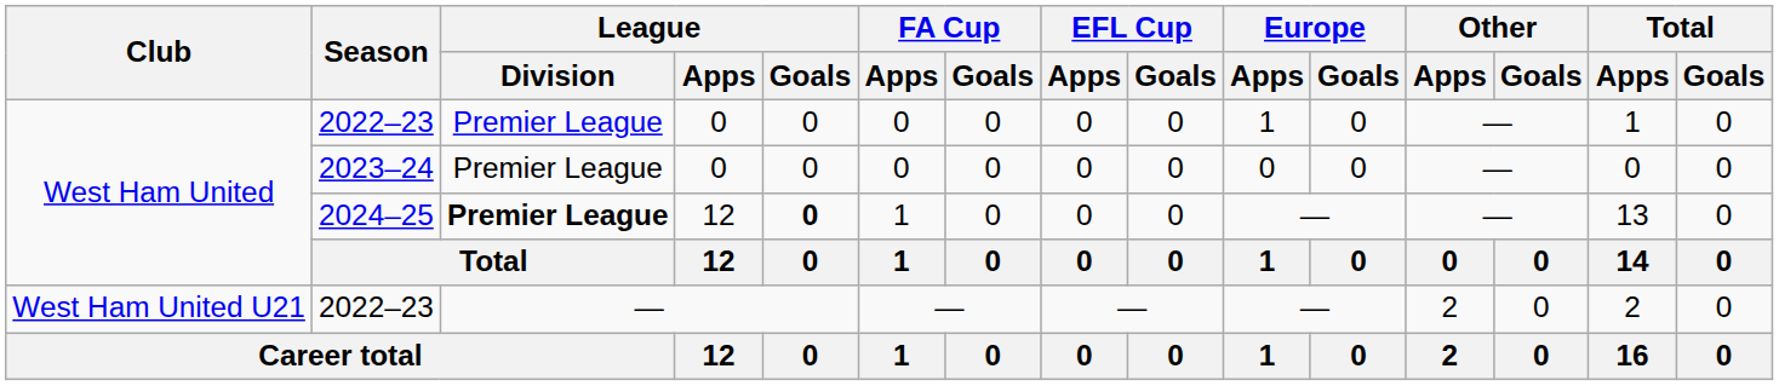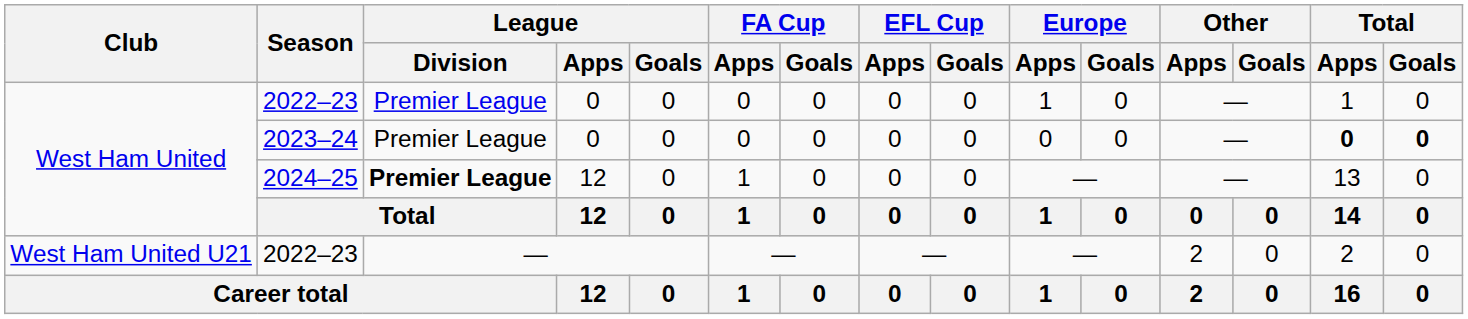 <table class=wikitable style=text-align:center>
 <tr>
 <th rowspan=2>Club</th>
 <th rowspan=2>Season</th>
 <th colspan=3>League</th>
 <th colspan=2><a href='#'>FA Cup</a></th>
 <th colspan=2><a href='#'>EFL Cup</a></th>
 <th colspan=2><a href='#'>Europe</a></th>
 <th colspan=2>Other</th>
 <th colspan=2>Total</th>
 </tr>
 <tr>
 <th>Division</th>
 <th>Apps</th>
 <th>Goals</th>
 <th>Apps</th>
 <th>Goals</th>
 <th>Apps</th>
 <th>Goals</th>
 <th>Apps</th>
 <th>Goals</th>
 <th>Apps</th>
 <th>Goals</th>
 <th>Apps</th>
 <th>Goals</th>
 </tr>
 <tr>
 <td rowspan=4><a href='#'>West Ham United</a></td>
 <td><a href='#'>2022–23</a></td>
 <td><a href='#'>Premier League</a></td>
 <td>0</td>
 <td>0</td>
 <td>0</td>
 <td>0</td>
 <td>0</td>
 <td>0</td>
 <td>1</td>
 <td>0</td>
 <td colspan=2>—</td>
 <td>1</td>
 <td>0</td>
 </tr>
 <tr>
 <td><a href='#'>2023–24</a></td>
 <td>Premier League</td>
 <td>0</td>
 <td>0</td>
 <td>0</td>
 <td>0</td>
 <td>0</td>
 <td>0</td>
 <td>0</td>
 <td>0</td>
 <td colspan=2>—</td>
-<td>0</td>
-<td>0</td>
+<td><strong>0</strong></td>
+<td><strong>0</strong></td>
 </tr>
 <tr>
 <td><a href='#'>2024–25</a></td>
 <td><strong>Premier League</strong></td>
 <td>12</td>
-<td><strong>0</strong></td>
+<td>0</td>
 <td>1</td>
 <td>0</td>
 <td>0</td>
 <td>0</td>
 <td colspan=2>—</td>
 <td colspan=2>—</td>
 <td>13</td>
 <td>0</td>
 </tr>
 <tr>
 <th colspan=2>Total</th>
 <th>12</th>
 <th>0</th>
 <th>1</th>
 <th>0</th>
 <th>0</th>
 <th>0</th>
 <th>1</th>
 <th>0</th>
 <th>0</th>
 <th>0</th>
 <th>14</th>
 <th>0</th>
 </tr>
 <tr>
 <td><a href='#'>West Ham United U21</a></td>
 <td>2022–23</td>
 <td colspan=3>—</td>
 <td colspan=2>—</td>
 <td colspan=2>—</td>
 <td colspan=2>—</td>
 <td>2</td>
 <td>0</td>
 <td>2</td>
 <td>0</td>
 </tr>
 <tr>
 <th colspan=3>Career total</th>
 <th>12</th>
 <th>0</th>
 <th>1</th>
 <th>0</th>
 <th>0</th>
 <th>0</th>
 <th>1</th>
 <th>0</th>
 <th>2</th>
 <th>0</th>
 <th>16</th>
 <th>0</th>
 </tr>
 </table>
